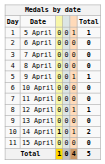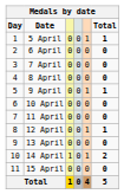 <table class="wikitable" style="font-size:85%;float:right;text-align:center">
 <tr>
 <th colspan=6>Medals by date</th>
 </tr>
 <tr align=center>
 <td><strong>Day</strong></td>
 <td><strong>Date</strong></td>
 <td bgcolor=#f7f6a8></td>
 <td bgcolor=#dce5e5></td>
 <td bgcolor=#ffdab9></td>
 <td><strong>Total</strong></td>
 </tr>
 <tr align=centre>
 <td>1</td>
 <td>5 April</td>
 <td bgcolor=#f7f6a8>0</td>
 <td bgcolor=#dce5e5>0</td>
 <td bgcolor=#ffdab9>1</td>
 <td><strong>1</strong></td>
 </tr>
 <tr align=center>
 <td>2</td>
 <td>6 April</td>
 <td bgcolor=#f7f6a8>0</td>
 <td bgcolor=#dce5e5>0</td>
 <td bgcolor=#ffdab9>0</td>
 <td><strong>0</strong></td>
 </tr>
 <tr align=center>
 <td>3</td>
 <td>7 April</td>
 <td bgcolor=#f7f6a8>0</td>
 <td bgcolor=#dce5e5>0</td>
 <td bgcolor=#ffdab9>0</td>
 <td><strong>0</strong></td>
 </tr>
 <tr align=center>
 <td>4</td>
 <td>8 April</td>
 <td bgcolor=#f7f6a8>0</td>
 <td bgcolor=#dce5e5>0</td>
 <td bgcolor=#ffdab9>0</td>
 <td><strong>0</strong></td>
 </tr>
 <tr align=center>
 <td>5</td>
 <td>9 April</td>
 <td bgcolor=#f7f6a8>0</td>
 <td bgcolor=#dce5e5>0</td>
 <td bgcolor=#ffdab9>1</td>
 <td><strong>1</strong></td>
 </tr>
 <tr align=center>
 <td>6</td>
 <td>10 April</td>
 <td bgcolor=#f7f6a8>0</td>
 <td bgcolor=#dce5e5>0</td>
 <td bgcolor=#ffdab9>0</td>
 <td><strong>0</strong></td>
 </tr>
 <tr align=center>
 <td>7</td>
 <td>11 April</td>
 <td bgcolor=#f7f6a8>0</td>
 <td bgcolor=#dce5e5>0</td>
 <td bgcolor=#ffdab9>0</td>
 <td><strong>0</strong></td>
 </tr>
 <tr align=center>
 <td>8</td>
 <td>12 April</td>
 <td bgcolor=#f7f6a8>0</td>
 <td bgcolor=#dce5e5>0</td>
 <td bgcolor=#ffdab9>1</td>
 <td><strong>1</strong></td>
 </tr>
 <tr align=center>
 <td>9</td>
 <td>13 April</td>
 <td bgcolor=#f7f6a8>0</td>
 <td bgcolor=#dce5e5>0</td>
 <td bgcolor=#ffdab9>0</td>
 <td><strong>0</strong></td>
 </tr>
 <tr align=center>
 <td>10</td>
 <td>14 April</td>
-<td bgcolor=#f7f6a8><strong>1</strong></td>
+<td bgcolor=#f7f6a8>1</td>
 <td bgcolor=#dce5e5>0</td>
 <td bgcolor=#ffdab9>1</td>
 <td><strong>2</strong></td>
 </tr>
 <tr align=center>
 <td>11</td>
 <td>15 April</td>
 <td bgcolor=#f7f6a8>0</td>
 <td bgcolor=#dce5e5>0</td>
 <td bgcolor=#ffdab9>0</td>
 <td><strong>0</strong></td>
 </tr>
 <tr align=center>
 <th colspan=2!bgcolor=#efefef>Total</th>
 <th style="background:gold;">1</th>
 <th style="background:silver;">0</th>
 <th style="background:#c96;">4</th>
 <th>5</th>
 </tr>
 </table>
